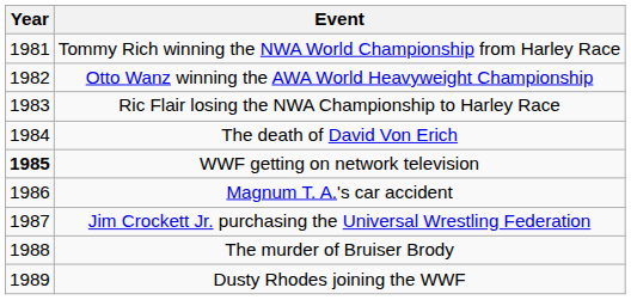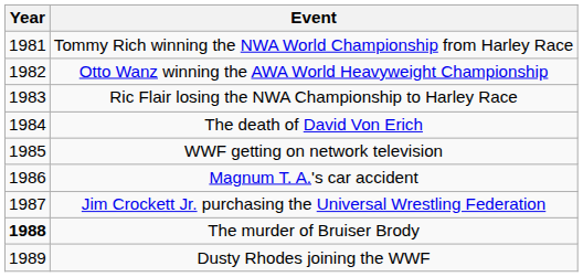 <table class="wikitable sortable" style="text-align: center">
 <tr>
 <th>Year</th>
 <th>Event</th>
 </tr>
 <tr>
 <td>1981</td>
 <td>Tommy Rich winning the <a href='#'>NWA World Championship</a> from Harley Race</td>
 </tr>
 <tr>
 <td>1982</td>
 <td><a href='#'>Otto Wanz</a> winning the <a href='#'>AWA World Heavyweight Championship</a></td>
 </tr>
 <tr>
 <td>1983</td>
 <td>Ric Flair losing the NWA Championship to Harley Race</td>
 </tr>
 <tr>
 <td>1984</td>
 <td>The death of <a href='#'>David Von Erich</a></td>
 </tr>
 <tr>
-<td><strong>1985</strong></td>
+<td>1985</td>
 <td>WWF getting on network television</td>
 </tr>
 <tr>
 <td>1986</td>
 <td><a href='#'>Magnum T. A.</a>'s car accident</td>
 </tr>
 <tr>
 <td>1987</td>
 <td><a href='#'>Jim Crockett Jr.</a> purchasing the <a href='#'>Universal Wrestling Federation</a></td>
 </tr>
 <tr>
-<td>1988</td>
+<td><strong>1988</strong></td>
 <td>The murder of Bruiser Brody</td>
 </tr>
 <tr>
 <td>1989</td>
 <td>Dusty Rhodes joining the WWF</td>
 </tr>
 </table>
